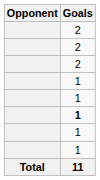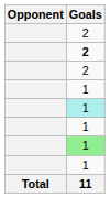 <table class="wikitable plainrowheaders sortable" style="text-align:center; font-size:95%">
 <tr>
 <th scope="col">Opponent</th>
 <th scope="col">Goals</th>
 </tr>
 <tr>
 <th scope="row"></th>
 <td>2</td>
 </tr>
 <tr>
 <th scope="row"></th>
-<td>2</td>
+<td><strong>2</strong></td>
 </tr>
 <tr>
 <th scope="row"></th>
 <td>2</td>
 </tr>
 <tr>
 <th scope="row"></th>
 <td>1</td>
 </tr>
 <tr>
 <th scope="row"></th>
+<td style="background: paleturquoise;">1</td>
+</tr>
+<tr>
+<th scope="row"></th>
 <td>1</td>
 </tr>
 <tr>
 <th scope="row"></th>
-<td><strong>1</strong></td>
-</tr>
-<tr>
-<th scope="row"></th>
-<td>1</td>
+<td style="background: lightgreen;">1</td>
 </tr>
 <tr>
 <th scope="row"></th>
 <td>1</td>
 </tr>
 <tr>
 <th>Total</th>
 <th>11</th>
 </tr>
 </table>
